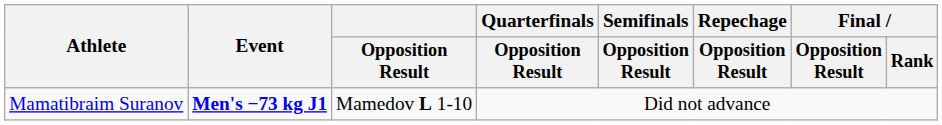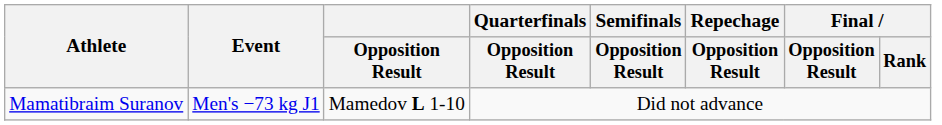 <table class=wikitable style=font-size:90%;text-align:center>
 <tr>
 <th rowspan=2>Athlete</th>
 <th rowspan=2>Event</th>
 <th></th>
 <th>Quarterfinals</th>
 <th>Semifinals</th>
 <th>Repechage</th>
 <th colspan=2>Final / </th>
 </tr>
 <tr style=font-size:95%>
 <th>Opposition<br>Result</th>
 <th>Opposition<br>Result</th>
 <th>Opposition<br>Result</th>
 <th>Opposition<br>Result</th>
 <th>Opposition<br>Result</th>
 <th>Rank</th>
 </tr>
 <tr>
 <td align=left><a href='#'>Mamatibraim Suranov</a></td>
-<td align=left><strong><a href='#'>Men's −73 kg J1</a></strong></td>
+<td align=left><a href='#'>Men's −73 kg J1</a></td>
 <td>Mamedov  <strong>L</strong> 1-10</td>
 <td colspan=5>Did not advance</td>
 </tr>
 </table>
